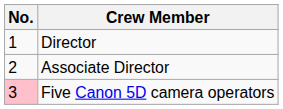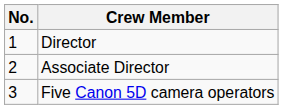 <table class="wikitable" style="font-size:95%;">
 <tr>
 <th>No.</th>
 <th>Crew Member</th>
 </tr>
 <tr>
 <td>1</td>
 <td>Director</td>
 </tr>
 <tr>
 <td>2</td>
 <td>Associate Director</td>
 </tr>
 <tr>
-<td style="background: pink;">3</td>
+<td>3</td>
 <td>Five <a href='#'>Canon 5D</a> camera operators</td>
 </tr>
 </table>
